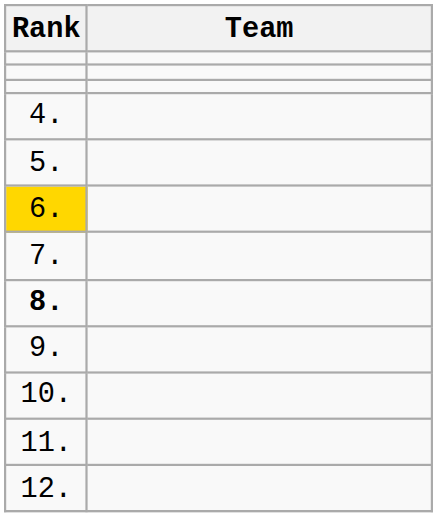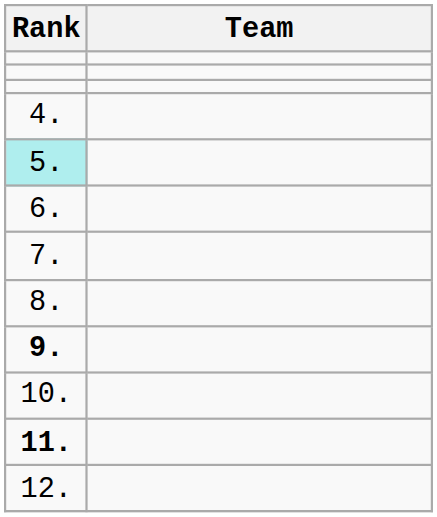 <table class=wikitable style="text-align:center;">
 <tr>
 <th>Rank</th>
 <th width=150>Team</th>
 </tr>
 <tr>
 <td align=center></td>
 <td align=left></td>
 </tr>
 <tr>
 <td align=center></td>
 <td align=left></td>
 </tr>
 <tr>
 <td align=center></td>
 <td align=left></td>
 </tr>
 <tr>
 <td align=center>4.</td>
 <td align=left></td>
 </tr>
 <tr>
-<td align=center>5.</td>
+<td align=center style="background: paleturquoise;">5.</td>
 <td align=left></td>
 </tr>
 <tr>
-<td align=center style="background: gold;">6.</td>
+<td align=center>6.</td>
 <td align=left></td>
 </tr>
 <tr>
 <td align=center>7.</td>
 <td align=left></td>
 </tr>
 <tr>
-<td align=center><strong>8.</strong></td>
+<td align=center>8.</td>
 <td align=left></td>
 </tr>
 <tr>
-<td align=center>9.</td>
+<td align=center><strong>9.</strong></td>
 <td align=left></td>
 </tr>
 <tr>
 <td align=center>10.</td>
 <td align=left></td>
 </tr>
 <tr>
-<td align=center>11.</td>
+<td align=center><strong>11.</strong></td>
 <td align=left></td>
 </tr>
 <tr>
 <td align=center>12.</td>
 <td align=left></td>
 </tr>
 <tr>
 </tr>
 </table>
